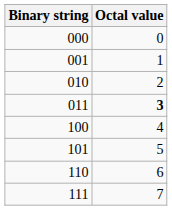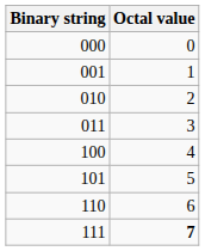 <table class="wikitable" style="float: right; clear:right; margin-left:1em; text-align:right;">
 <tr>
 <th>Binary string</th>
 <th>Octal value</th>
 </tr>
 <tr>
 <td>000</td>
 <td>0</td>
 </tr>
 <tr>
 <td>001</td>
 <td>1</td>
 </tr>
 <tr>
 <td>010</td>
 <td>2</td>
 </tr>
 <tr>
 <td>011</td>
-<td><strong>3</strong></td>
+<td>3</td>
 </tr>
 <tr>
 <td>100</td>
 <td>4</td>
 </tr>
 <tr>
 <td>101</td>
 <td>5</td>
 </tr>
 <tr>
 <td>110</td>
 <td>6</td>
 </tr>
 <tr>
 <td>111</td>
-<td>7</td>
+<td><strong>7</strong></td>
 </tr>
 </table>
